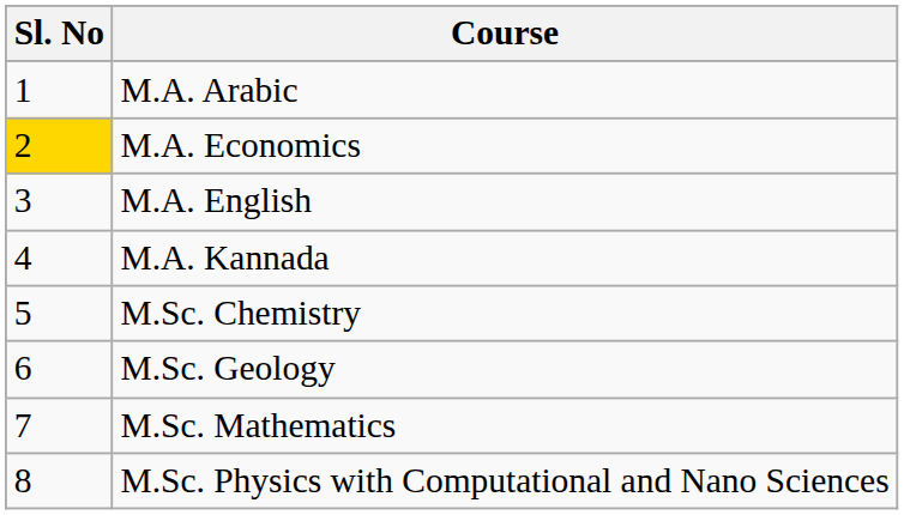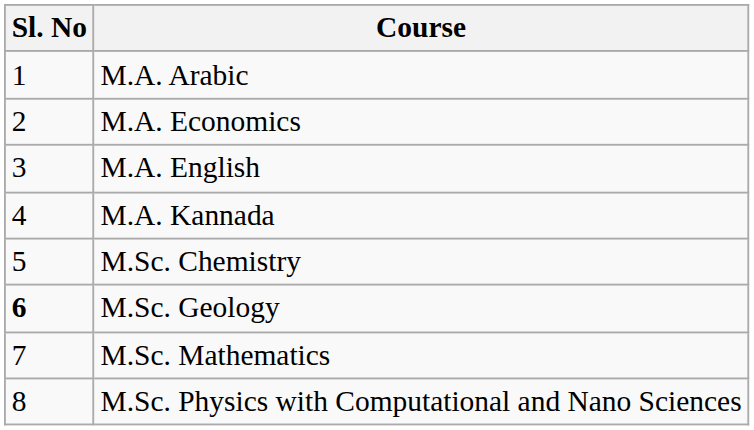 <table class="wikitable">
 <tr>
 <th>Sl. No</th>
 <th>Course</th>
 </tr>
 <tr>
 <td>1</td>
 <td>M.A. Arabic</td>
 </tr>
 <tr>
-<td style="background: gold;">2</td>
+<td>2</td>
 <td>M.A. Economics</td>
 </tr>
 <tr>
 <td>3</td>
 <td>M.A. English</td>
 </tr>
 <tr>
 <td>4</td>
 <td>M.A. Kannada</td>
 </tr>
 <tr>
 <td>5</td>
 <td>M.Sc. Chemistry</td>
 </tr>
 <tr>
-<td>6</td>
+<td><strong>6</strong></td>
 <td>M.Sc. Geology</td>
 </tr>
 <tr>
 <td>7</td>
 <td>M.Sc. Mathematics</td>
 </tr>
 <tr>
 <td>8</td>
 <td>M.Sc. Physics with Computational and Nano Sciences</td>
 </tr>
 </table>
